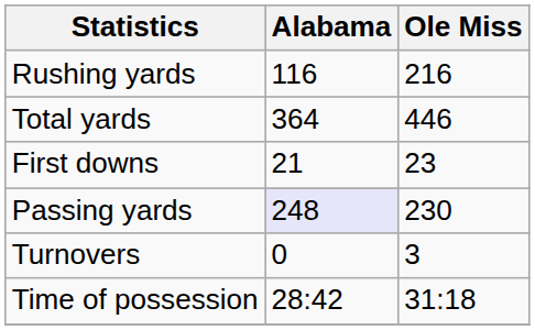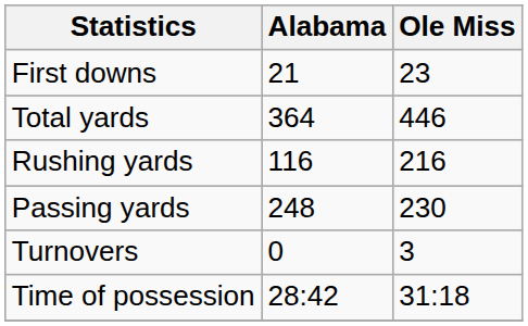 <table class="wikitable" style="float: left;">
 <tr>
 <th>Statistics</th>
 <th>Alabama</th>
 <th>Ole Miss</th>
 </tr>
 <tr>
-<td>Rushing yards</td>
-<td>116</td>
-<td>216</td>
+<td>First downs</td>
+<td>21</td>
+<td>23</td>
 </tr>
 <tr>
 <td>Total yards</td>
 <td>364</td>
 <td>446</td>
 </tr>
 <tr>
-<td>First downs</td>
-<td>21</td>
-<td>23</td>
+<td>Rushing yards</td>
+<td>116</td>
+<td>216</td>
 </tr>
 <tr>
 <td>Passing yards</td>
-<td style="background: lavender;">248</td>
+<td>248</td>
 <td>230</td>
 </tr>
 <tr>
 <td>Turnovers</td>
 <td>0</td>
 <td>3</td>
 </tr>
 <tr>
 <td>Time of possession</td>
 <td>28:42</td>
 <td>31:18</td>
 </tr>
 <tr>
 </tr>
 </table>
